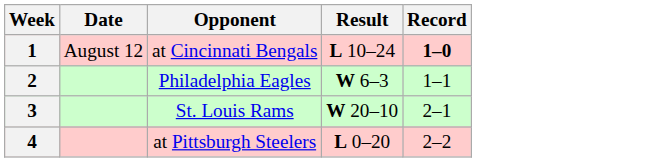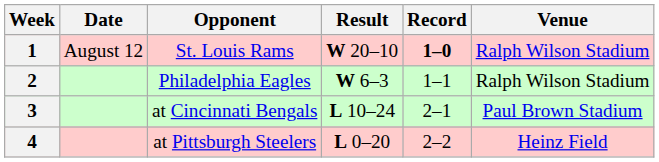 <table class="wikitable" style="text-align:center">
 <tr>
 <th>Week</th>
 <th>Date</th>
 <th>Opponent</th>
 <th>Result</th>
 <th>Record</th>
+<th>Venue</th>
 </tr>
 <tr style="background: #fcc;">
 <th>1</th>
 <td>August 12</td>
-<td>at <a href='#'>Cincinnati Bengals</a></td>
-<td><strong>L</strong> 10–24</td>
+<td><a href='#'>St. Louis Rams</a></td>
+<td><strong>W</strong> 20–10</td>
 <td><strong>1–0</strong></td>
+<td><a href='#'>Ralph Wilson Stadium</a></td>
 </tr>
 <tr style="background: #cfc;">
 <th>2</th>
 <td></td>
 <td><a href='#'>Philadelphia Eagles</a></td>
 <td><strong>W</strong> 6–3</td>
 <td>1–1</td>
+<td>Ralph Wilson Stadium</td>
 </tr>
 <tr style="background: #cfc;">
 <th>3</th>
 <td></td>
-<td><a href='#'>St. Louis Rams</a></td>
-<td><strong>W</strong> 20–10</td>
+<td>at <a href='#'>Cincinnati Bengals</a></td>
+<td><strong>L</strong> 10–24</td>
 <td>2–1</td>
+<td><a href='#'>Paul Brown Stadium</a></td>
 </tr>
 <tr style="background: #fcc;">
 <th>4</th>
 <td></td>
 <td>at <a href='#'>Pittsburgh Steelers</a></td>
 <td><strong>L</strong> 0–20</td>
 <td>2–2</td>
+<td><a href='#'>Heinz Field</a></td>
 </tr>
 </table>
